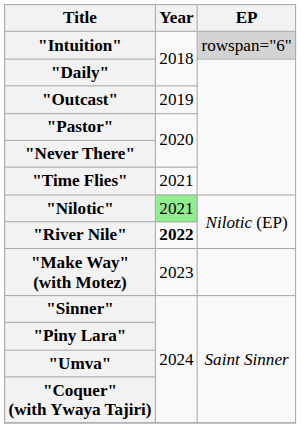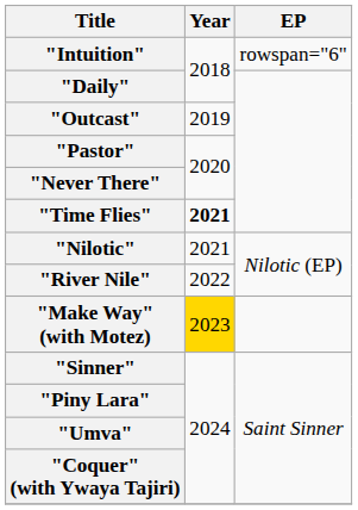 <table class="wikitable plainrowheaders" style="text-align:center;">
 <tr>
 <th scope="col">Title</th>
 <th scope="col">Year</th>
 <th scope="col">EP</th>
 </tr>
 <tr>
 <th scope="row">"Intuition"</th>
 <td rowspan="2">2018</td>
-<td style="background: lightgrey;">rowspan="6" </td>
+<td>rowspan="6" </td>
 </tr>
 <tr>
 <th scope="row">"Daily"</th>
 </tr>
 <tr>
 <th scope="row">"Outcast"</th>
 <td>2019</td>
 </tr>
 <tr>
 <th scope="row">"Pastor"</th>
 <td rowspan="2">2020</td>
 </tr>
 <tr>
 <th scope="row">"Never There"</th>
 </tr>
 <tr>
 <th scope="row">"Time Flies"</th>
-<td>2021</td>
+<td><strong>2021</strong></td>
 </tr>
 <tr>
 <th scope="row">"Nilotic"</th>
-<td style="background: lightgreen;">2021</td>
+<td>2021</td>
 <td rowspan="2"'><em>Nilotic</em> (EP)</td>
 </tr>
 <tr>
 <th scope="row">"River Nile"</th>
-<td><strong>2022</strong></td>
+<td>2022</td>
 </tr>
 <tr>
 <th scope="row">"Make Way"<br> (with Motez)</th>
-<td>2023</td>
+<td style="background: gold;">2023</td>
 <td></td>
 </tr>
 <tr>
 <th scope="row">"Sinner"</th>
 <td rowspan="4">2024</td>
 <td rowspan="4"><em>Saint Sinner</em></td>
 </tr>
 <tr>
 <th scope="row">"Piny Lara"</th>
 </tr>
 <tr>
 <th scope="row">"Umva"</th>
 </tr>
 <tr>
 <th scope="row">"Coquer"<br> (with Ywaya Tajiri)</th>
 </tr>
 <tr>
 </tr>
 </table>
